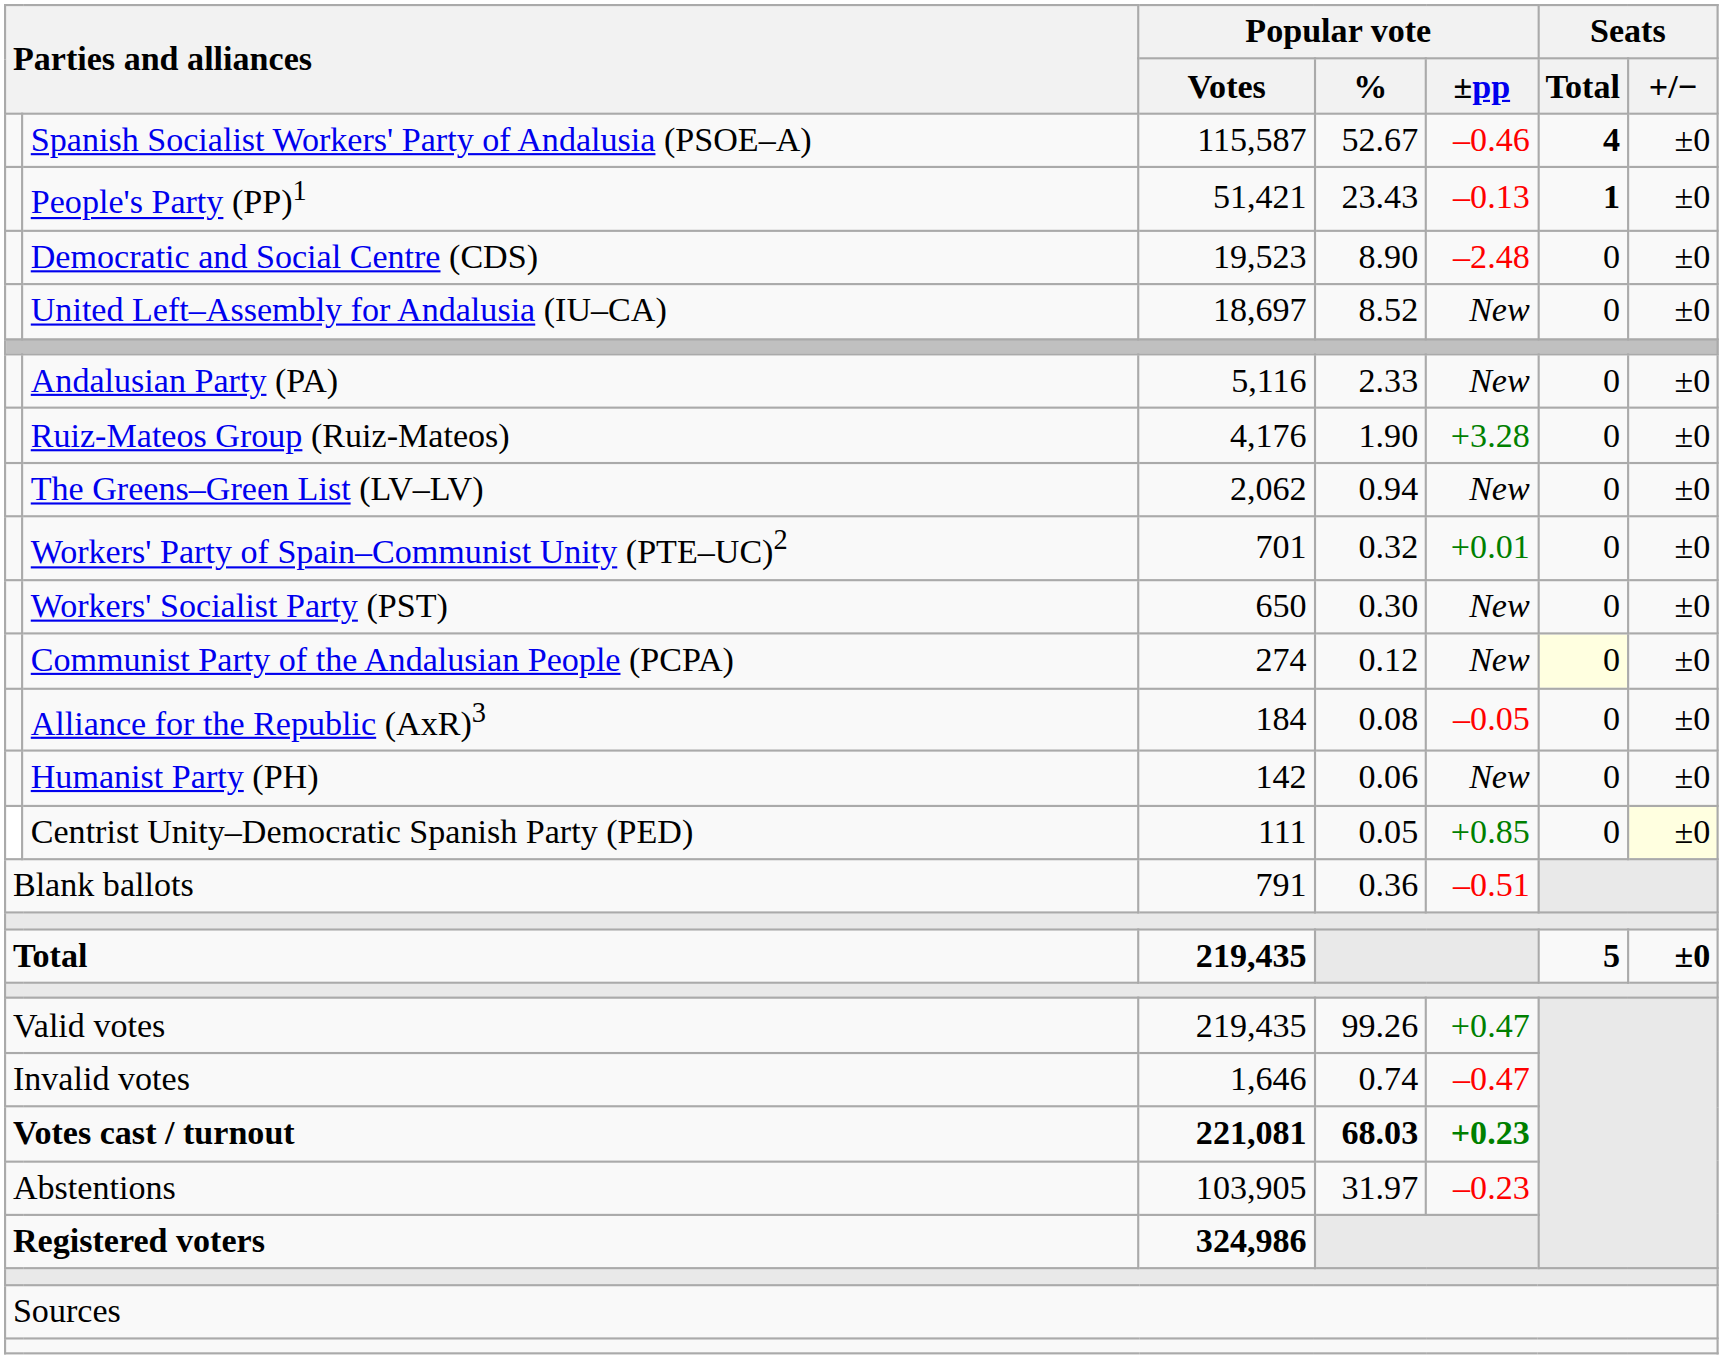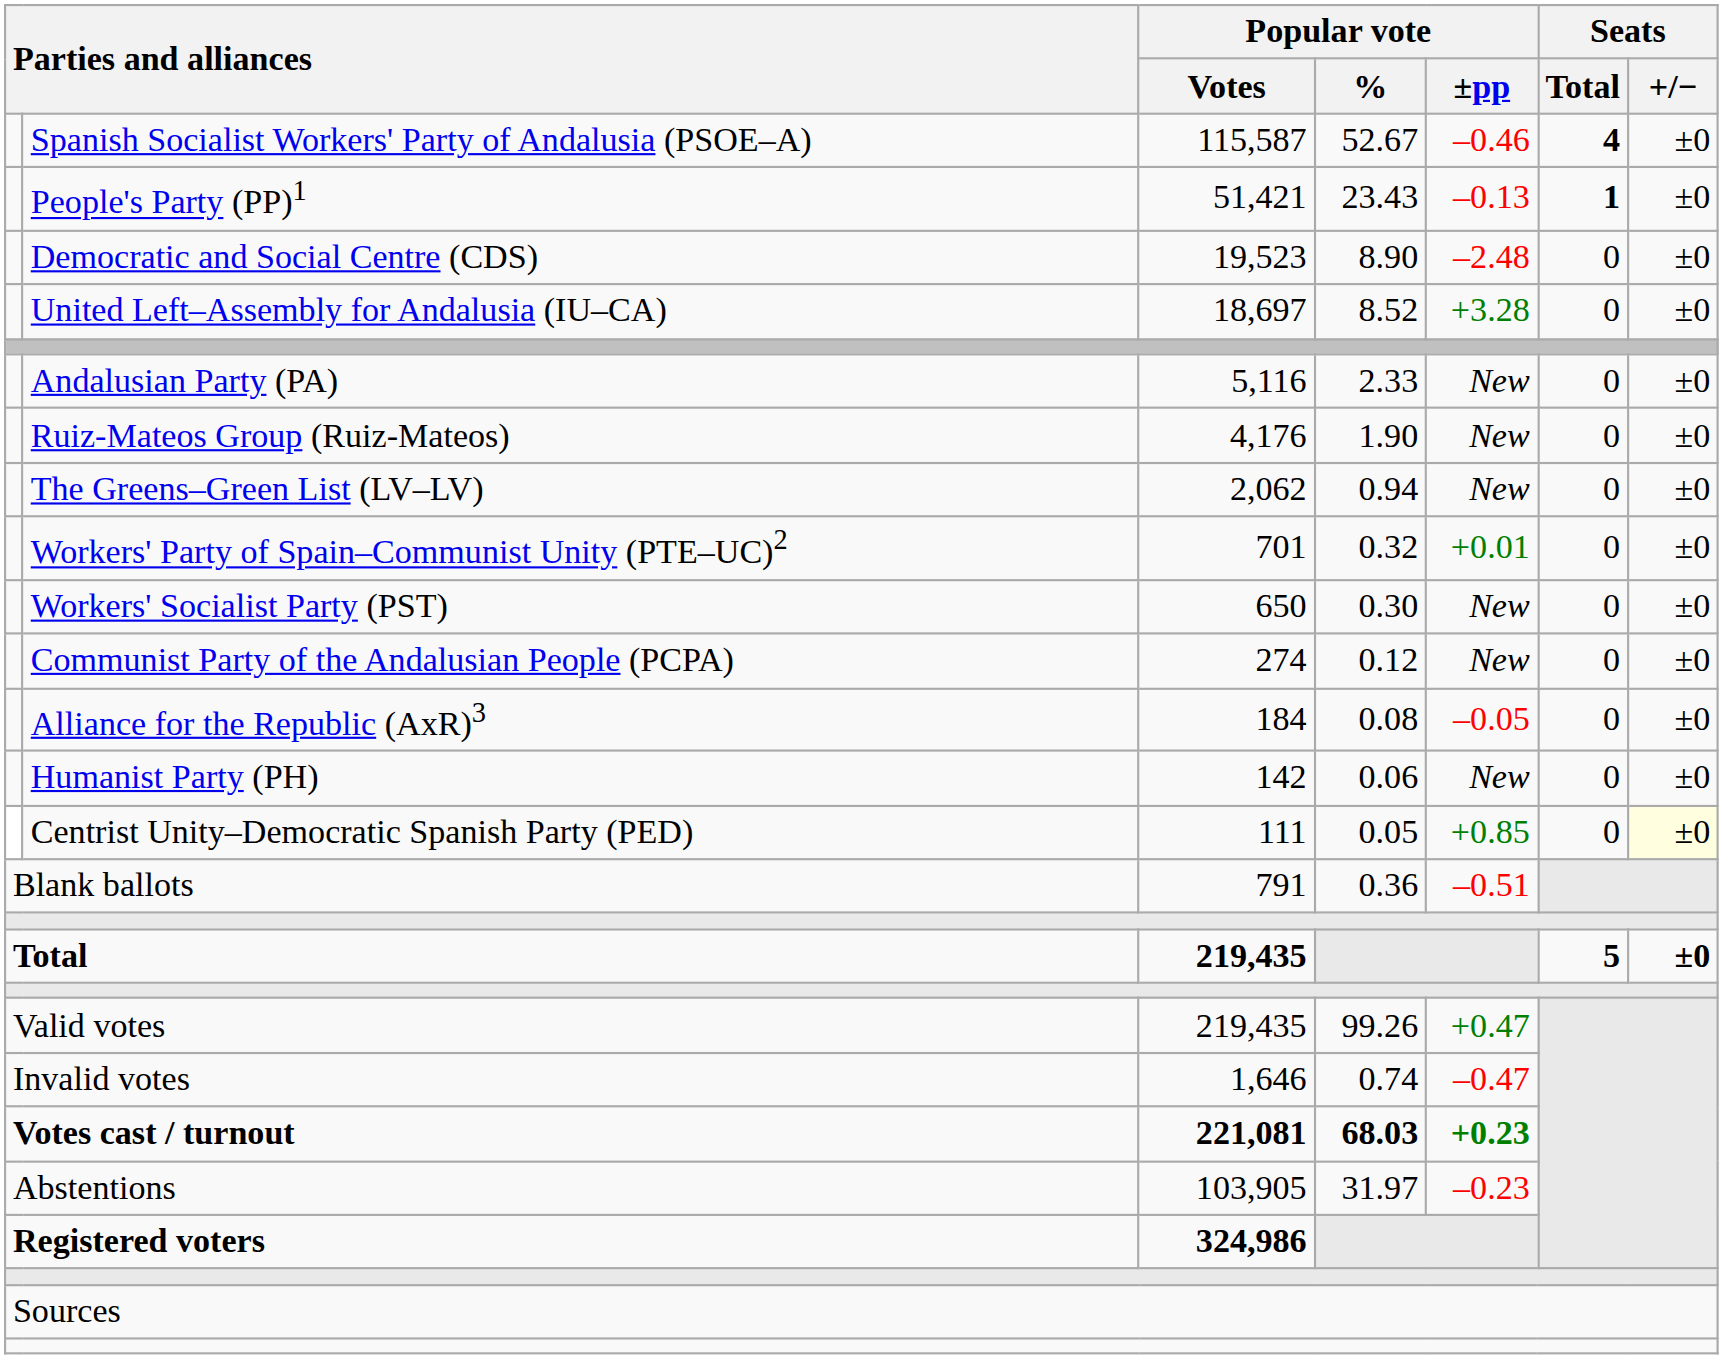 <table class="wikitable" style="text-align:right;">
 <tr>
 <th style="text-align:left;" rowspan="2" colspan="2" width="525">Parties and alliances</th>
 <th colspan="3">Popular vote</th>
 <th colspan="2">Seats</th>
 </tr>
 <tr>
 <th width="75">Votes</th>
 <th width="45">%</th>
 <th width="45">±<a href='#'>pp</a></th>
 <th width="35">Total</th>
 <th width="35">+/−</th>
 </tr>
 <tr>
 <td width="1" style="color:inherit;background:"></td>
 <td align="left"><a href='#'>Spanish Socialist Workers' Party of Andalusia</a> (PSOE–A)</td>
 <td>115,587</td>
 <td>52.67</td>
 <td style="color:red;">–0.46</td>
 <td><strong>4</strong></td>
 <td>±0</td>
 </tr>
 <tr>
 <td style="color:inherit;background:"></td>
 <td align="left"><a href='#'>People's Party</a> (PP)<sup>1</sup></td>
 <td>51,421</td>
 <td>23.43</td>
 <td style="color:red;">–0.13</td>
 <td><strong>1</strong></td>
 <td>±0</td>
 </tr>
 <tr>
 <td style="color:inherit;background:"></td>
 <td align="left"><a href='#'>Democratic and Social Centre</a> (CDS)</td>
 <td>19,523</td>
 <td>8.90</td>
 <td style="color:red;">–2.48</td>
 <td>0</td>
 <td>±0</td>
 </tr>
 <tr>
 <td style="color:inherit;background:"></td>
 <td align="left"><a href='#'>United Left–Assembly for Andalusia</a> (IU–CA)</td>
 <td>18,697</td>
 <td>8.52</td>
-<td><em>New</em></td>
+<td style="color:green;">+3.28</td>
 <td>0</td>
 <td>±0</td>
 </tr>
 <tr>
 <td colspan="7" bgcolor="#C0C0C0"></td>
 </tr>
 <tr>
 <td style="color:inherit;background:"></td>
 <td align="left"><a href='#'>Andalusian Party</a> (PA)</td>
 <td>5,116</td>
 <td>2.33</td>
 <td><em>New</em></td>
 <td>0</td>
 <td>±0</td>
 </tr>
 <tr>
 <td style="color:inherit;background:"></td>
 <td align="left"><a href='#'>Ruiz-Mateos Group</a> (Ruiz-Mateos)</td>
 <td>4,176</td>
 <td>1.90</td>
-<td style="color:green;">+3.28</td>
+<td><em>New</em></td>
 <td>0</td>
 <td>±0</td>
 </tr>
 <tr>
 <td style="color:inherit;background:"></td>
 <td align="left"><a href='#'>The Greens–Green List</a> (LV–LV)</td>
 <td>2,062</td>
 <td>0.94</td>
 <td><em>New</em></td>
 <td>0</td>
 <td>±0</td>
 </tr>
 <tr>
 <td style="color:inherit;background:"></td>
 <td align="left"><a href='#'>Workers' Party of Spain–Communist Unity</a> (PTE–UC)<sup>2</sup></td>
 <td>701</td>
 <td>0.32</td>
 <td style="color:green;">+0.01</td>
 <td>0</td>
 <td>±0</td>
 </tr>
 <tr>
 <td style="color:inherit;background:"></td>
 <td align="left"><a href='#'>Workers' Socialist Party</a> (PST)</td>
 <td>650</td>
 <td>0.30</td>
 <td><em>New</em></td>
 <td>0</td>
 <td>±0</td>
 </tr>
 <tr>
 <td style="color:inherit;background:"></td>
 <td align="left"><a href='#'>Communist Party of the Andalusian People</a> (PCPA)</td>
 <td>274</td>
 <td>0.12</td>
 <td><em>New</em></td>
-<td style="background: lightyellow;">0</td>
+<td>0</td>
 <td>±0</td>
 </tr>
 <tr>
 <td style="color:inherit;background:"></td>
 <td align="left"><a href='#'>Alliance for the Republic</a> (AxR)<sup>3</sup></td>
 <td>184</td>
 <td>0.08</td>
 <td style="color:red;">–0.05</td>
 <td>0</td>
 <td>±0</td>
 </tr>
 <tr>
 <td style="color:inherit;background:"></td>
 <td align="left"><a href='#'>Humanist Party</a> (PH)</td>
 <td>142</td>
 <td>0.06</td>
 <td><em>New</em></td>
 <td>0</td>
 <td>±0</td>
 </tr>
 <tr>
 <td bgcolor="white"></td>
 <td align="left">Centrist Unity–Democratic Spanish Party (PED)</td>
 <td>111</td>
 <td>0.05</td>
 <td style="color:green;">+0.85</td>
 <td>0</td>
 <td style="background: lightyellow;">±0</td>
 </tr>
 <tr>
 <td align="left" colspan="2">Blank ballots</td>
 <td>791</td>
 <td>0.36</td>
 <td style="color:red;">–0.51</td>
 <td bgcolor="#E9E9E9" colspan="2"></td>
 </tr>
 <tr>
 <td colspan="7" bgcolor="#E9E9E9"></td>
 </tr>
 <tr style="font-weight:bold;">
 <td align="left" colspan="2">Total</td>
 <td>219,435</td>
 <td bgcolor="#E9E9E9" colspan="2"></td>
 <td>5</td>
 <td>±0</td>
 </tr>
 <tr>
 <td colspan="7" bgcolor="#E9E9E9"></td>
 </tr>
 <tr>
 <td align="left" colspan="2">Valid votes</td>
 <td>219,435</td>
 <td>99.26</td>
 <td style="color:green;">+0.47</td>
 <td bgcolor="#E9E9E9" colspan="2" rowspan="5"></td>
 </tr>
 <tr>
 <td align="left" colspan="2">Invalid votes</td>
 <td>1,646</td>
 <td>0.74</td>
 <td style="color:red;">–0.47</td>
 </tr>
 <tr style="font-weight:bold;">
 <td align="left" colspan="2">Votes cast / turnout</td>
 <td>221,081</td>
 <td>68.03</td>
 <td style="color:green;">+0.23</td>
 </tr>
 <tr>
 <td align="left" colspan="2">Abstentions</td>
 <td>103,905</td>
 <td>31.97</td>
 <td style="color:red;">–0.23</td>
 </tr>
 <tr style="font-weight:bold;">
 <td align="left" colspan="2">Registered voters</td>
 <td>324,986</td>
 <td bgcolor="#E9E9E9" colspan="2"></td>
 </tr>
 <tr>
 <td colspan="7" bgcolor="#E9E9E9"></td>
 </tr>
 <tr>
 <td align="left" colspan="7">Sources</td>
 </tr>
 <tr>
 <td colspan="7" style="text-align:left; max-width:790px;"></td>
 </tr>
 </table>
